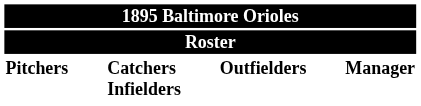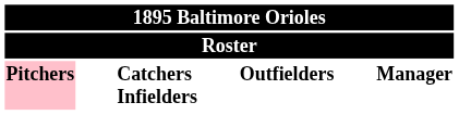 <table class="toccolours" style="font-size: 95%;">
 <tr>
 <th colspan="10" style="background-color: black; color: white; text-align: center;">1895 Baltimore Orioles</th>
 </tr>
 <tr>
 <td colspan="10" style="background-color: black; color: white; text-align: center;"><strong>Roster</strong></td>
 </tr>
 <tr>
-<td valign="top"><strong>Pitchers</strong><br>      </td>
+<td valign="top" style="background: pink;"><strong>Pitchers</strong><br>      </td>
 <td width="25px"></td>
 <td valign="top"><strong>Catchers</strong><br>   <strong>Infielders</strong>       </td>
 <td width="25px"></td>
 <td valign="top"><strong>Outfielders</strong><br>  </td>
 <td width="25px"></td>
 <td valign="top"><strong>Manager</strong><br></td>
 </tr>
 </table>
